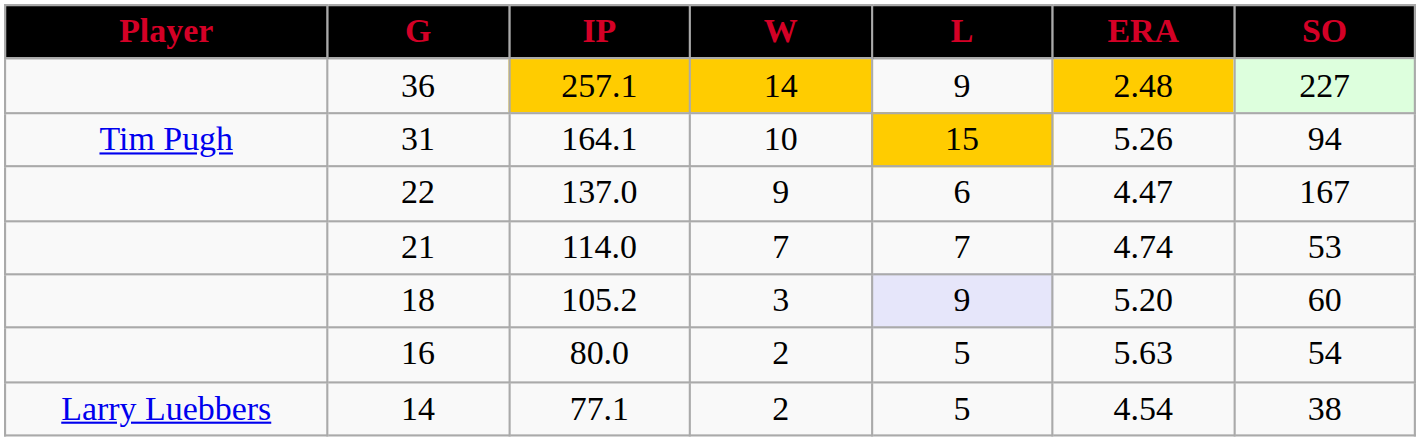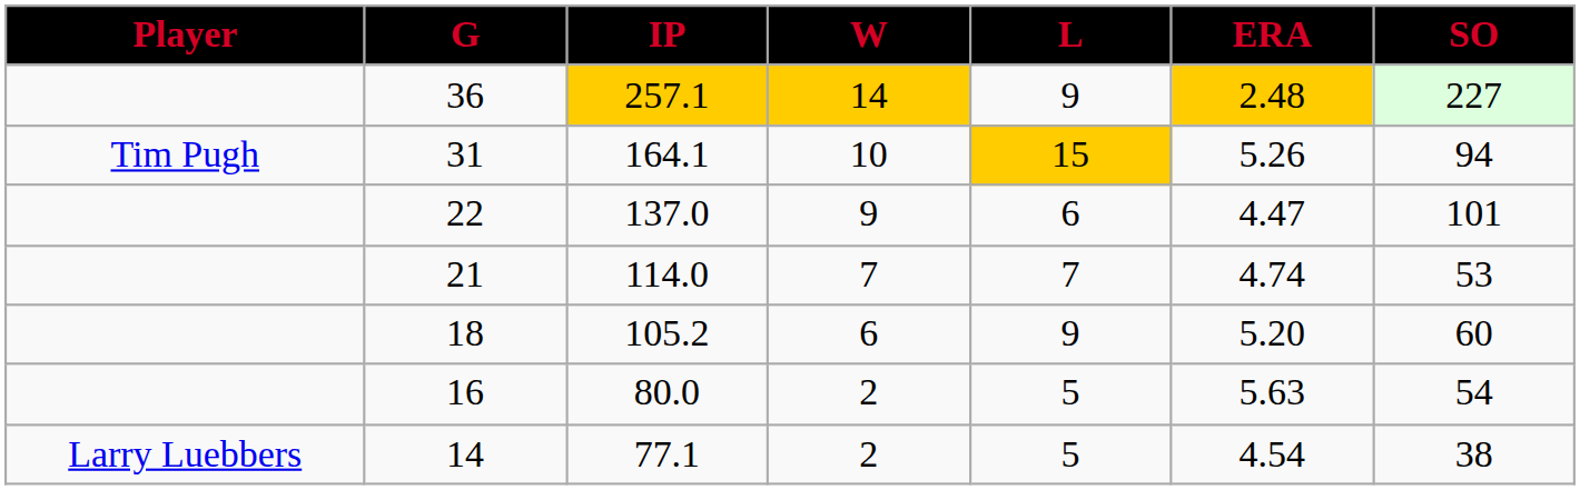 <table class="wikitable sortable">
 <tr>
 <th style="background:black;color:#d40026;" width="16%">Player</th>
 <th style="background:black;color:#d40026;" width="9%">G</th>
 <th style="background:black;color:#d40026;" width="9%">IP</th>
 <th style="background:black;color:#d40026;" width="9%">W</th>
 <th style="background:black;color:#d40026;" width="9%">L</th>
 <th style="background:black;color:#d40026;" width="9%">ERA</th>
 <th style="background:black;color:#d40026;" width="9%">SO</th>
 </tr>
 <tr align="center">
 <td></td>
 <td>36</td>
 <td style="background:#fc0;">257.1</td>
 <td style="background:#fc0;">14</td>
 <td>9</td>
 <td style="background:#fc0;">2.48</td>
 <td style="background:#DDFFDD;">227</td>
 </tr>
 <tr align="center">
 <td><a href='#'>Tim Pugh</a></td>
 <td>31</td>
 <td>164.1</td>
 <td>10</td>
 <td style="background:#fc0;">15</td>
 <td>5.26</td>
 <td>94</td>
 </tr>
 <tr align=center>
 <td></td>
 <td>22</td>
 <td>137.0</td>
 <td>9</td>
 <td>6</td>
 <td>4.47</td>
-<td>167</td>
+<td>101</td>
 </tr>
 <tr align="center">
 <td></td>
 <td>21</td>
 <td>114.0</td>
 <td>7</td>
 <td>7</td>
 <td>4.74</td>
 <td>53</td>
 </tr>
 <tr align="center">
 <td></td>
 <td>18</td>
 <td>105.2</td>
-<td>3</td>
-<td style="background: lavender;">9</td>
+<td>6</td>
+<td>9</td>
 <td>5.20</td>
 <td>60</td>
 </tr>
 <tr align="center">
 <td></td>
 <td>16</td>
 <td>80.0</td>
 <td>2</td>
 <td>5</td>
 <td>5.63</td>
 <td>54</td>
 </tr>
 <tr align="center">
 <td><a href='#'>Larry Luebbers</a></td>
 <td>14</td>
 <td>77.1</td>
 <td>2</td>
 <td>5</td>
 <td>4.54</td>
 <td>38</td>
 </tr>
 </table>
